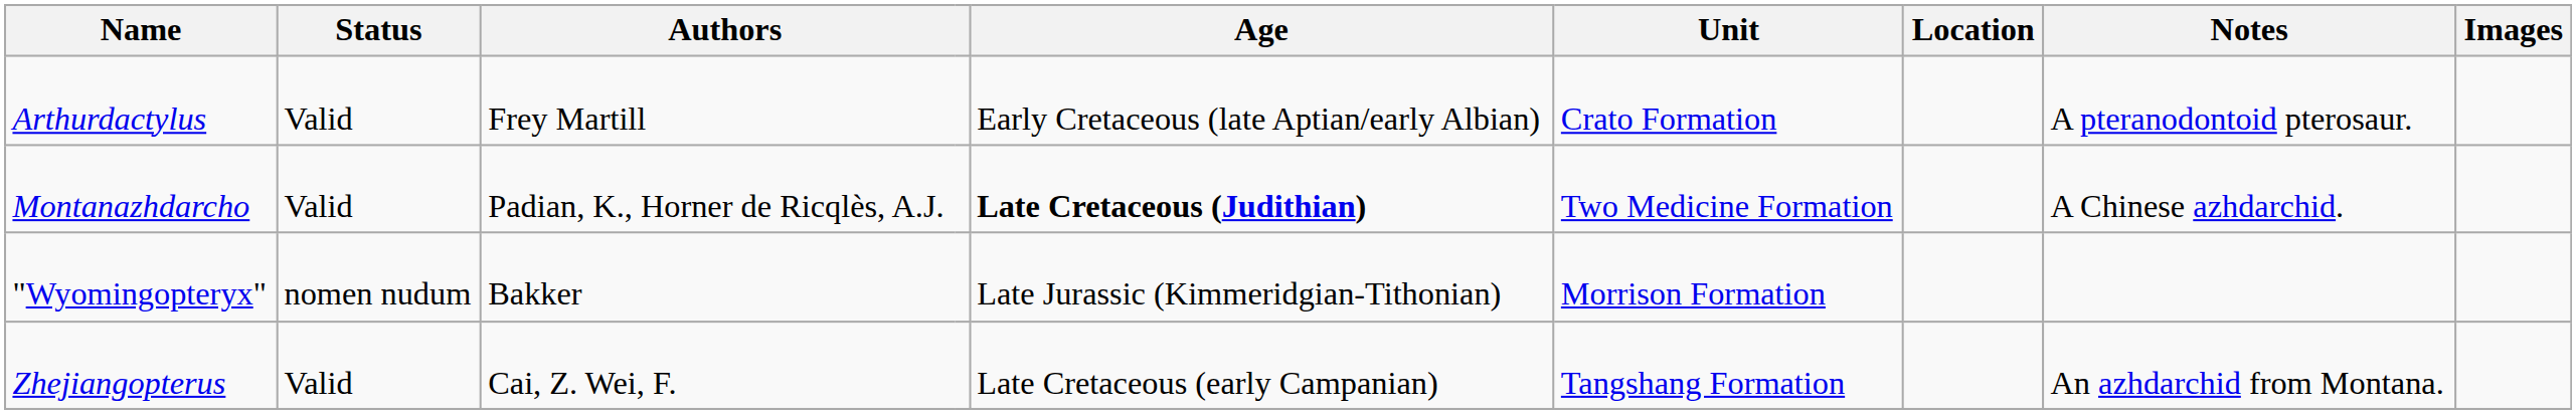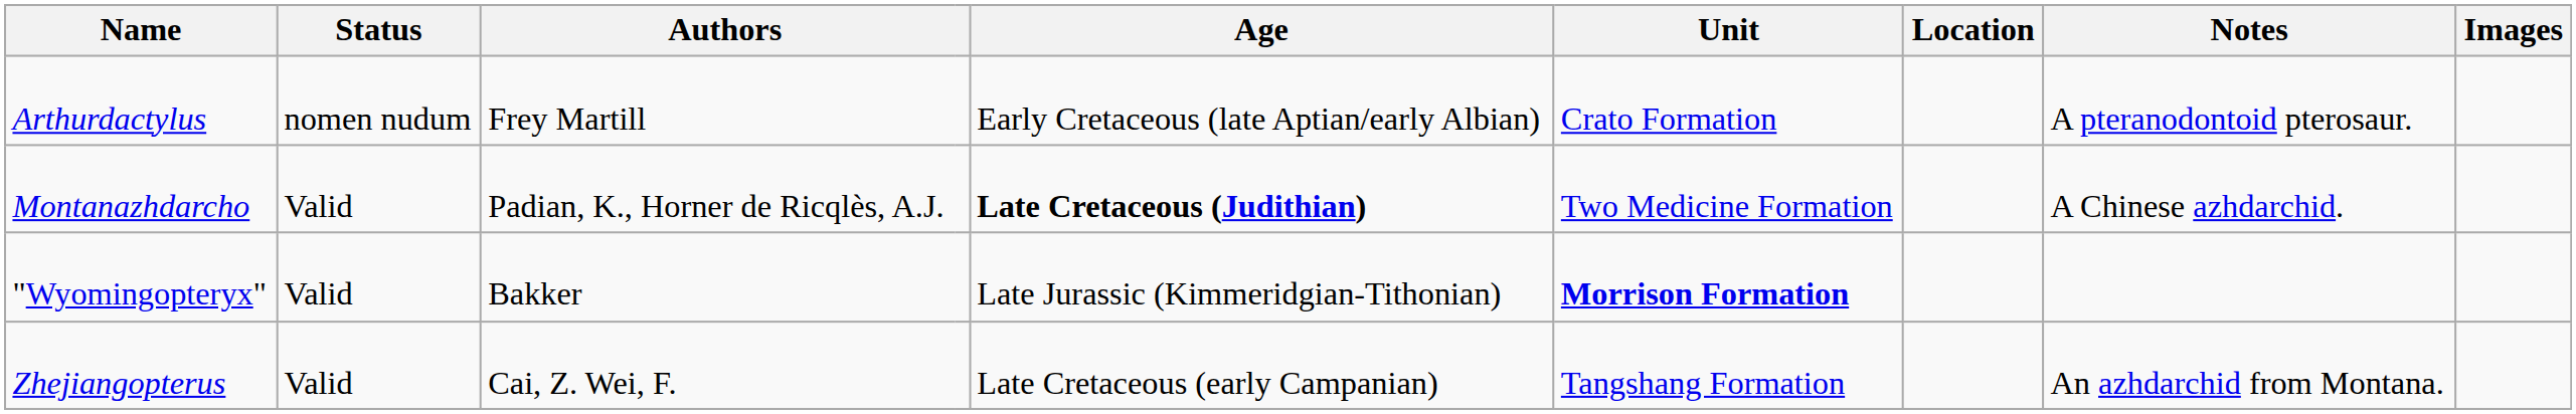 <table class="wikitable sortable" align="center" width="100%">
 <tr>
 <th>Name</th>
 <th>Status</th>
 <th colspan="2">Authors</th>
 <th>Age</th>
 <th>Unit</th>
 <th>Location</th>
 <th>Notes</th>
 <th>Images</th>
 </tr>
 <tr>
 <td><br><em><a href='#'>Arthurdactylus</a></em></td>
-<td><br>Valid</td>
+<td><br>nomen nudum</td>
 <td style="border-right:0px" valign="top"><br>Frey Martill</td>
 <td style="border-left:0px" valign="top"></td>
 <td><br>Early Cretaceous (late Aptian/early Albian)</td>
 <td><br><a href='#'>Crato Formation</a></td>
 <td><br></td>
 <td><br>A <a href='#'>pteranodontoid</a> pterosaur.</td>
 <td></td>
 </tr>
 <tr>
 <td><br><em><a href='#'>Montanazhdarcho</a></em></td>
 <td><br>Valid</td>
 <td style="border-right:0px" valign="top"><br>Padian, K., Horner de Ricqlès, A.J.</td>
 <td style="border-left:0px" valign="top"></td>
 <td><strong><br>Late Cretaceous (<a href='#'>Judithian</a>)</strong></td>
 <td><br><a href='#'>Two Medicine Formation</a></td>
 <td><br></td>
 <td><br>A Chinese <a href='#'>azhdarchid</a>.</td>
 <td></td>
 </tr>
 <tr>
 <td><br>"<a href='#'>Wyomingopteryx</a>"</td>
-<td><br>nomen nudum</td>
+<td><br>Valid</td>
 <td style="border-right:0px" valign="top"><br>Bakker</td>
 <td style="border-left:0px" valign="top"></td>
 <td><br>Late Jurassic (Kimmeridgian-Tithonian)</td>
-<td><br><a href='#'>Morrison Formation</a></td>
+<td><strong><br><a href='#'>Morrison Formation</a></strong></td>
 <td><br></td>
 <td></td>
 <td></td>
 </tr>
 <tr>
 <td><br><em><a href='#'>Zhejiangopterus</a></em></td>
 <td><br>Valid</td>
 <td style="border-right:0px" valign="top"><br>Cai, Z. Wei, F.</td>
 <td style="border-left:0px" valign="top"></td>
 <td><br>Late Cretaceous (early Campanian)</td>
 <td><br><a href='#'>Tangshang Formation</a></td>
 <td><br></td>
 <td><br>An <a href='#'>azhdarchid</a> from Montana.</td>
 <td></td>
 </tr>
 <tr>
 </tr>
 </table>
